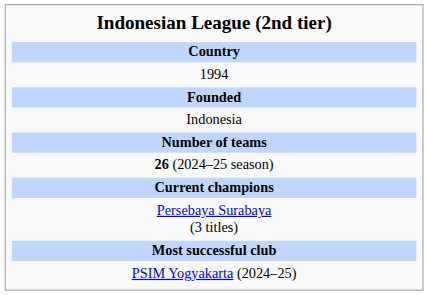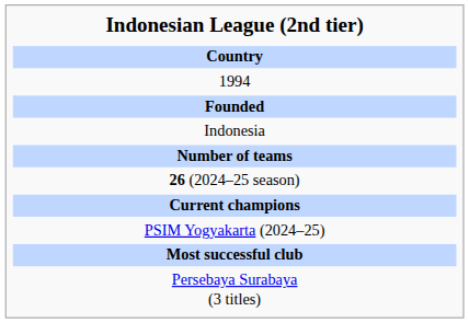 <table class="infobox football" style="width: 22em; text-align: center;">
 <tr>
 <th style="font-size: 16px;">Indonesian League (2nd tier)</th>
 </tr>
 <tr>
 <th style="font-size: 12px;"></th>
 </tr>
 <tr>
 <td style="font-size: 12px; background: #BFD7FF;"><strong>Country</strong></td>
 </tr>
 <tr>
 <td style="font-size: 12px;">1994</td>
 </tr>
 <tr>
 <td style="font-size: 12px; background: #BFD7FF;"><strong>Founded</strong></td>
 </tr>
 <tr>
 <td style="font-size: 12px;">Indonesia<br></td>
 </tr>
 <tr>
 <td style="font-size: 12px; background: #BFD7FF;"><strong>Number of teams</strong></td>
 </tr>
 <tr>
 <td style="font-size: 12px;"><strong>26</strong> (2024–25 season)</td>
 </tr>
 <tr>
 <td style="font-size: 12px; background: #BFD7FF;"><strong>Current champions</strong></td>
 </tr>
 <tr>
-<td style="font-size: 12px;"><a href='#'>Persebaya Surabaya</a><br>(3 titles)</td>
+<td style="font-size: 12px;"><a href='#'>PSIM Yogyakarta</a> (2024–25)</td>
 </tr>
 <tr>
 <td style="font-size: 12px; background: #BFD7FF;"><strong>Most successful club</strong></td>
 </tr>
 <tr>
-<td style="font-size: 12px;"><a href='#'>PSIM Yogyakarta</a> (2024–25)</td>
+<td style="font-size: 12px;"><a href='#'>Persebaya Surabaya</a><br>(3 titles)</td>
 </tr>
 </table>
